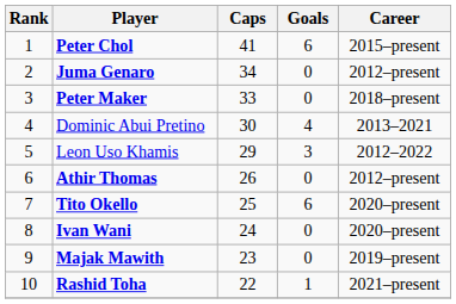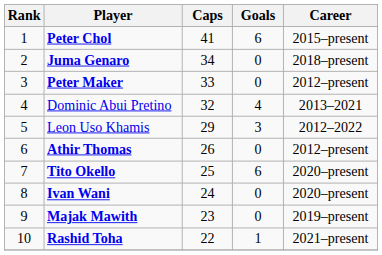 <table class="wikitable sortable" style="text-align:center;">
 <tr>
 <th style="width:30px">Rank</th>
 <th style="width:150px;">Player</th>
 <th style="width:50px">Caps</th>
 <th style="width:50px">Goals</th>
 <th style="width:100px;">Career</th>
 </tr>
 <tr>
 <td>1</td>
 <td style="text-align: left;"><strong><a href='#'>Peter Chol</a></strong></td>
 <td>41</td>
 <td>6</td>
 <td>2015–present</td>
 </tr>
 <tr>
 <td>2</td>
 <td style="text-align: left;"><strong><a href='#'>Juma Genaro</a></strong></td>
 <td>34</td>
 <td>0</td>
-<td>2012–present</td>
+<td>2018–present</td>
 </tr>
 <tr>
 <td>3</td>
 <td style="text-align: left;"><strong><a href='#'>Peter Maker</a></strong></td>
 <td>33</td>
 <td>0</td>
-<td>2018–present</td>
+<td>2012–present</td>
 </tr>
 <tr>
 <td>4</td>
 <td style="text-align: left;"><a href='#'>Dominic Abui Pretino</a></td>
-<td>30</td>
+<td>32</td>
 <td>4</td>
 <td>2013–2021</td>
 </tr>
 <tr>
 <td>5</td>
 <td style="text-align: left;"><a href='#'>Leon Uso Khamis</a></td>
 <td>29</td>
 <td>3</td>
 <td>2012–2022</td>
 </tr>
 <tr>
 <td>6</td>
 <td style="text-align: left;"><strong><a href='#'>Athir Thomas</a></strong></td>
 <td>26</td>
 <td>0</td>
 <td>2012–present</td>
 </tr>
 <tr>
 <td>7</td>
 <td style="text-align: left;"><strong><a href='#'>Tito Okello</a></strong></td>
 <td>25</td>
 <td>6</td>
 <td>2020–present</td>
 </tr>
 <tr>
 <td>8</td>
 <td style="text-align: left;"><strong><a href='#'>Ivan Wani</a></strong></td>
 <td>24</td>
 <td>0</td>
 <td>2020–present</td>
 </tr>
 <tr>
 <td>9</td>
 <td style="text-align: left;"><strong><a href='#'>Majak Mawith</a></strong></td>
 <td>23</td>
 <td>0</td>
 <td>2019–present</td>
 </tr>
 <tr>
 <td>10</td>
 <td style="text-align: left;"><strong><a href='#'>Rashid Toha</a></strong></td>
 <td>22</td>
 <td>1</td>
 <td>2021–present</td>
 </tr>
 <tr>
 </tr>
 </table>
